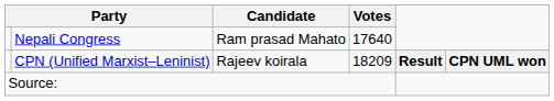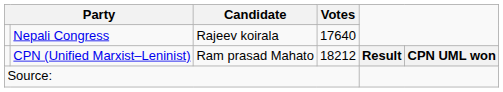 <table class="wikitable">
 <tr>
 <th colspan="2">Party</th>
 <th>Candidate</th>
 <th>Votes</th>
 </tr>
 <tr>
 <td style="background-color:"></td>
 <td><a href='#'>Nepali Congress</a></td>
-<td>Ram prasad Mahato</td>
+<td>Rajeev koirala</td>
 <td>17640</td>
 </tr>
 <tr>
 <td style="background-color:"></td>
 <td><a href='#'>CPN (Unified Marxist–Leninist)</a></td>
-<td>Rajeev koirala</td>
-<td>18209</td>
+<td>Ram prasad Mahato</td>
+<td>18212</td>
 <th colspan="2">Result</th>
 <th colspan="2">CPN UML won</th>
 </tr>
 <tr>
 <td colspan="4">Source: </td>
 </tr>
 </table>
